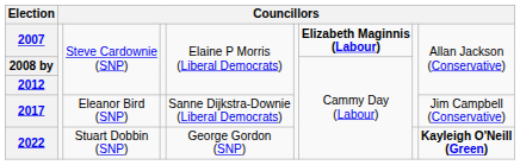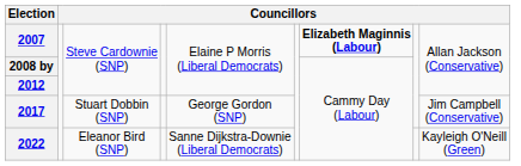 <table class="wikitable" style="text-align:center">
 <tr>
 <th>Election</th>
 <th colspan=8>Councillors</th>
 </tr>
 <tr>
 <th><a href='#'>2007</a></th>
 <td rowspan=5; style="background-color: "></td>
 <td rowspan=3><a href='#'>Steve Cardownie</a><br>(<a href='#'>SNP</a>)</td>
 <td rowspan=3; style="background-color: "></td>
 <td rowspan=3>Elaine P Morris<br>(<a href='#'>Liberal Democrats</a>)</td>
 <td rowspan=5; style="background-color: "></td>
 <td rowspan=1><strong>Elizabeth Maginnis<br>(<a href='#'>Labour</a>)</strong></td>
 <td rowspan=4; style="background-color: "></td>
 <td rowspan=3>Allan Jackson<br>(<a href='#'>Conservative</a>)</td>
 </tr>
 <tr>
 <th>2008 by</th>
 <td rowspan=4>Cammy Day<br>(<a href='#'>Labour</a>)</td>
 </tr>
 <tr>
 <th><a href='#'>2012</a></th>
 </tr>
 <tr>
 <th><a href='#'>2017</a></th>
-<td rowspan=1>Eleanor Bird<br>(<a href='#'>SNP</a>)</td>
+<td rowspan=1>Stuart Dobbin<br>(<a href='#'>SNP</a>)</td>
 <td rowspan=1; style="background-color: "></td>
-<td rowspan=1>Sanne Dijkstra-Downie<br>(<a href='#'>Liberal Democrats</a>)</td>
+<td rowspan=1>George Gordon<br>(<a href='#'>SNP</a>)</td>
 <td rowspan=1>Jim Campbell<br>(<a href='#'>Conservative</a>)</td>
 </tr>
 <tr>
 <th><a href='#'>2022</a></th>
-<td rowspan=1>Stuart Dobbin<br>(<a href='#'>SNP</a>)</td>
+<td rowspan=1>Eleanor Bird<br>(<a href='#'>SNP</a>)</td>
 <td rowspan=1; style="background-color: "></td>
-<td rowspan=1>George Gordon<br>(<a href='#'>SNP</a>)</td>
+<td rowspan=1>Sanne Dijkstra-Downie<br>(<a href='#'>Liberal Democrats</a>)</td>
 <td rowspan=1; style="background-color: "></td>
-<td rowspan=1><strong>Kayleigh O'Neill<br>(<a href='#'>Green</a>)</strong></td>
+<td rowspan=1>Kayleigh O'Neill<br>(<a href='#'>Green</a>)</td>
 </tr>
 </table>
